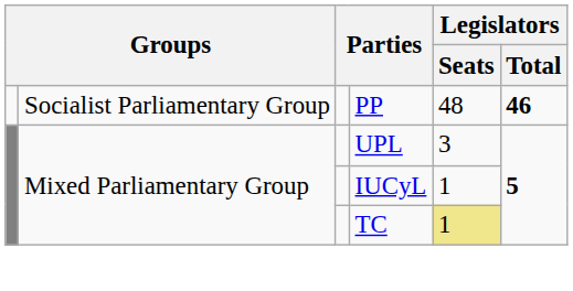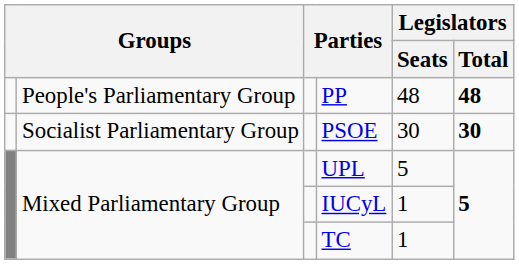 <table class="wikitable" style="text-align:left;">
 <tr>
 <th rowspan="2" colspan="2">Groups</th>
 <th rowspan="2" colspan="2">Parties</th>
 <th colspan="2">Legislators</th>
 </tr>
 <tr>
 <th>Seats</th>
 <th>Total</th>
 </tr>
 <tr>
 <td width="1" style="color:inherit;background:"></td>
-<td>Socialist Parliamentary Group</td>
+<td>People's Parliamentary Group</td>
 <td width="1" style="color:inherit;background:"></td>
 <td><a href='#'>PP</a></td>
 <td>48</td>
-<td><strong>46</strong></td>
+<td><strong>48</strong></td>
+</tr>
+<tr>
+<td style="color:inherit;background:"></td>
+<td>Socialist Parliamentary Group</td>
+<td style="color:inherit;background:"></td>
+<td><a href='#'>PSOE</a></td>
+<td>30</td>
+<td><strong>30</strong></td>
 </tr>
 <tr>
 <td rowspan="3" bgcolor="gray"></td>
 <td rowspan="3">Mixed Parliamentary Group</td>
 <td style="color:inherit;background:"></td>
 <td align="left"><a href='#'>UPL</a></td>
-<td>3</td>
+<td>5</td>
 <td rowspan="3"><strong>5</strong></td>
 </tr>
 <tr>
 <td style="color:inherit;background:"></td>
 <td align="left"><a href='#'>IUCyL</a></td>
 <td>1</td>
 </tr>
 <tr>
 <td style="color:inherit;background:"></td>
 <td align="left"><a href='#'>TC</a></td>
-<td style="background: khaki;">1</td>
+<td>1</td>
 </tr>
 </table>
